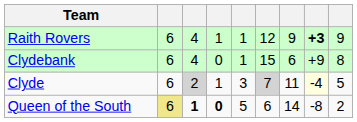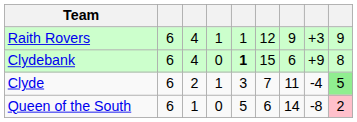 <table class="wikitable" style="text-align:center;">
 <tr>
 <th width=165>Team</th>
 <th width=20></th>
 <th width=20></th>
 <th width=20></th>
 <th width=20></th>
 <th width=20></th>
 <th width=20></th>
 <th width=20></th>
 <th width=20></th>
 </tr>
 <tr style="background:#cfc;">
 <td align="left"><a href='#'>Raith Rovers</a></td>
 <td>6</td>
 <td>4</td>
 <td>1</td>
 <td>1</td>
 <td>12</td>
 <td>9</td>
-<td><strong>+3</strong></td>
+<td>+3</td>
 <td>9</td>
 </tr>
 <tr style="background:#cfc;">
 <td align="left"><a href='#'>Clydebank</a></td>
 <td>6</td>
 <td>4</td>
 <td>0</td>
-<td>1</td>
+<td><strong>1</strong></td>
 <td>15</td>
 <td>6</td>
 <td>+9</td>
 <td>8</td>
 </tr>
 <tr>
 <td align="left"><a href='#'>Clyde</a></td>
 <td>6</td>
-<td style="background: lightgrey;">2</td>
+<td>2</td>
 <td>1</td>
 <td>3</td>
-<td style="background: lightgrey;">7</td>
+<td>7</td>
 <td>11</td>
-<td style="background: lightyellow;">-4</td>
-<td>5</td>
+<td>-4</td>
+<td style="background: lightgreen;">5</td>
 </tr>
 <tr>
 <td align="left"><a href='#'>Queen of the South</a></td>
-<td style="background: khaki;">6</td>
-<td><strong>1</strong></td>
-<td><strong>0</strong></td>
+<td>6</td>
+<td>1</td>
+<td>0</td>
 <td>5</td>
 <td>6</td>
 <td>14</td>
 <td>-8</td>
-<td>2</td>
+<td style="background: pink;">2</td>
 </tr>
 </table>
